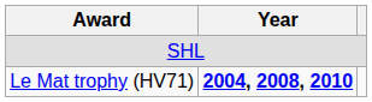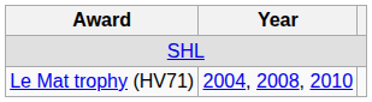 <table class="wikitable">
 <tr>
 <th>Award</th>
 <th>Year</th>
 <th></th>
 </tr>
 <tr ALIGN="center" bgcolor="#e0e0e0">
 <td colspan="3"><a href='#'>SHL</a></td>
 </tr>
 <tr>
 <td><a href='#'>Le Mat trophy</a> (HV71)</td>
-<td><strong><a href='#'>2004</a>, <a href='#'>2008</a>, <a href='#'>2010</a></strong></td>
+<td><a href='#'>2004</a>, <a href='#'>2008</a>, <a href='#'>2010</a></td>
 <td></td>
 </tr>
 </table>
